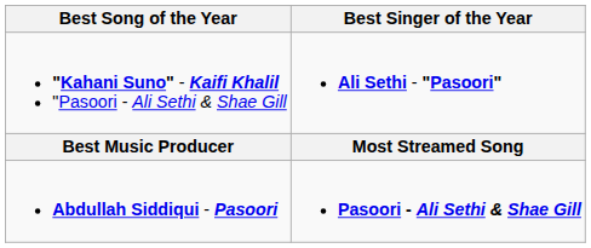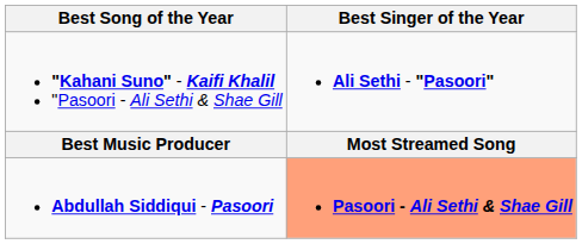 <table class=wikitable style="width=100%">
 <tr>
 <th style="width=50%">Best Song of the Year</th>
 <th style="width=50%">Best Singer of the Year</th>
 </tr>
 <tr>
 <td valign="top"><br><ul><li><strong>"<a href='#'>Kahani Suno</a>"</strong> - <strong><em><a href='#'>Kaifi Khalil</a></em></strong></li><li>"<a href='#'>Pasoori</a> - <em><a href='#'>Ali Sethi</a> & <a href='#'>Shae Gill</a></em></li></ul></td>
 <td valign="top"><br><ul><li><strong><a href='#'>Ali Sethi</a></strong> - <strong>"<a href='#'>Pasoori</a>"</strong></li></ul></td>
 </tr>
 <tr>
 <th style="width=50%">Best Music Producer</th>
 <th style="width=50%">Most Streamed Song</th>
 </tr>
 <tr>
 <td valign="top"><br><ul><li><strong><a href='#'>Abdullah Siddiqui</a></strong> - <strong><em><a href='#'>Pasoori</a></em></strong></li></ul></td>
-<td valign="top"><br><ul><li><strong><a href='#'>Pasoori</a> - <em><a href='#'>Ali Sethi</a> & <a href='#'>Shae Gill</a><strong><em></li></ul></td>
+<td valign="top" style="background: lightsalmon;"><br><ul><li><strong><a href='#'>Pasoori</a> - <em><a href='#'>Ali Sethi</a> & <a href='#'>Shae Gill</a><strong><em></li></ul></td>
 </tr>
 </table>
